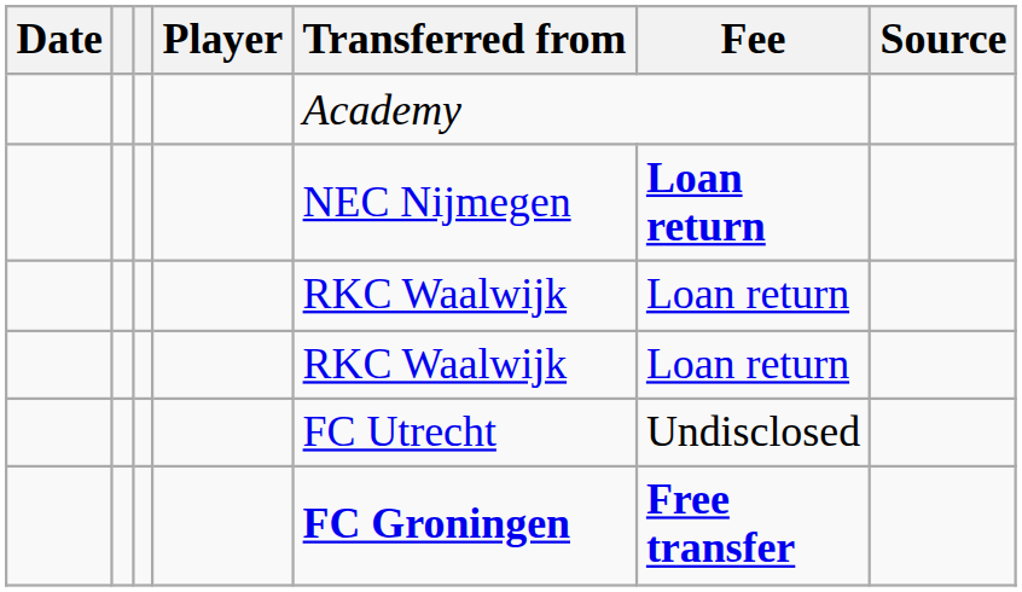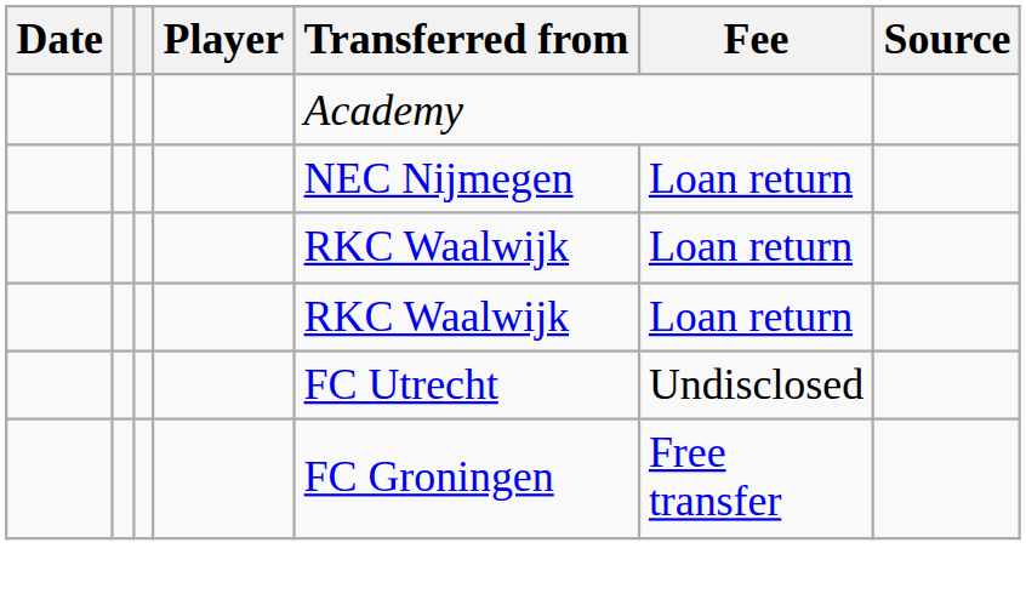 <table class="wikitable plainrowheaders sortable">
 <tr>
 <th scope=col>Date</th>
 <th></th>
 <th></th>
 <th scope=col>Player</th>
 <th>Transferred from</th>
 <th !scope=col; style="width: 75px;">Fee</th>
 <th scope=col>Source</th>
 </tr>
 <tr>
 <td></td>
 <td align=center></td>
 <td align=center></td>
 <td></td>
 <td colspan=2><em>Academy</em></td>
 <td></td>
 </tr>
 <tr>
 <td></td>
 <td align=center></td>
 <td align=center></td>
 <td></td>
 <td> <a href='#'>NEC Nijmegen</a></td>
-<td><strong><a href='#'>Loan return</a></strong></td>
+<td><a href='#'>Loan return</a></td>
 <td></td>
 </tr>
 <tr>
 <td></td>
 <td align=center></td>
 <td align=center></td>
 <td></td>
 <td> <a href='#'>RKC Waalwijk</a></td>
 <td><a href='#'>Loan return</a></td>
 <td></td>
 </tr>
 <tr>
 <td></td>
 <td align=center></td>
 <td align=center></td>
 <td></td>
 <td> <a href='#'>RKC Waalwijk</a></td>
 <td><a href='#'>Loan return</a></td>
 <td></td>
 </tr>
 <tr>
 <td></td>
 <td align=center></td>
 <td align=center></td>
 <td></td>
 <td> <a href='#'>FC Utrecht</a></td>
 <td>Undisclosed</td>
 <td></td>
 </tr>
 <tr>
 <td></td>
 <td align=center></td>
 <td align=center></td>
 <td></td>
-<td><strong> <a href='#'>FC Groningen</a></strong></td>
-<td><strong><a href='#'>Free transfer</a></strong></td>
+<td> <a href='#'>FC Groningen</a></td>
+<td><a href='#'>Free transfer</a></td>
 <td></td>
 </tr>
 </table>
